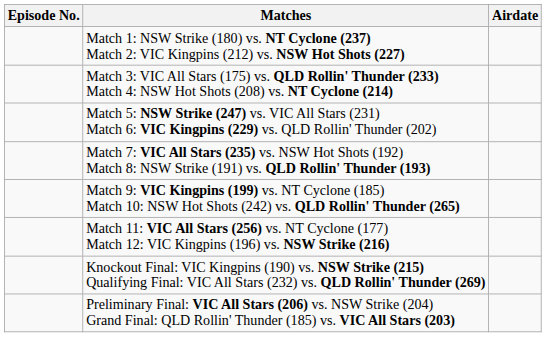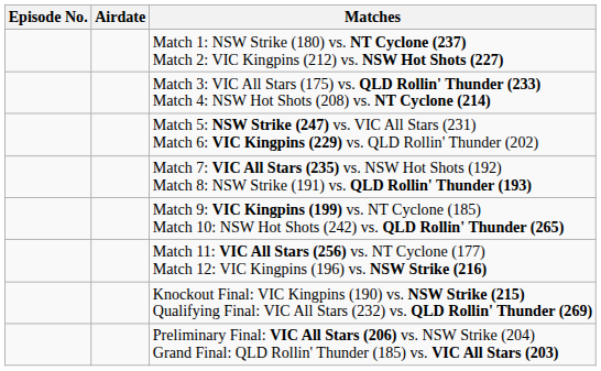 <table class="wikitable">
 <tr>
 <th>Episode No.</th>
+<th>Airdate</th>
 <th>Matches</th>
-<th>Airdate</th>
 </tr>
 <tr>
 <td></td>
+<td></td>
 <td>Match 1: NSW Strike (180) vs. <strong>NT Cyclone (237)</strong><br> Match 2: VIC Kingpins (212) vs. <strong>NSW Hot Shots (227)</strong></td>
-<td></td>
 </tr>
 <tr>
 <td></td>
+<td></td>
 <td>Match 3: VIC All Stars (175) vs. <strong>QLD Rollin' Thunder (233)</strong><br> Match 4: NSW Hot Shots (208) vs. <strong>NT Cyclone (214)</strong></td>
-<td></td>
 </tr>
 <tr>
 <td></td>
+<td></td>
 <td>Match 5: <strong>NSW Strike (247)</strong> vs. VIC All Stars (231)<br> Match 6: <strong>VIC Kingpins (229)</strong> vs. QLD Rollin' Thunder (202)</td>
-<td></td>
 </tr>
 <tr>
 <td></td>
+<td></td>
 <td>Match 7: <strong>VIC All Stars (235)</strong> vs. NSW Hot Shots (192)<br> Match 8: NSW Strike (191) vs. <strong>QLD Rollin' Thunder (193)</strong></td>
-<td></td>
 </tr>
 <tr>
 <td></td>
+<td></td>
 <td>Match 9: <strong>VIC Kingpins (199)</strong> vs. NT Cyclone (185)<br> Match 10: NSW Hot Shots (242) vs. <strong>QLD Rollin' Thunder (265)</strong></td>
-<td></td>
 </tr>
 <tr>
 <td></td>
+<td></td>
 <td>Match 11: <strong>VIC All Stars (256)</strong> vs. NT Cyclone (177)<br> Match 12: VIC Kingpins (196) vs. <strong>NSW Strike (216)</strong></td>
-<td></td>
 </tr>
 <tr>
 <td></td>
+<td></td>
 <td>Knockout Final: VIC Kingpins (190) vs. <strong>NSW Strike (215)</strong><br> Qualifying Final: VIC All Stars (232) vs. <strong>QLD Rollin' Thunder (269)</strong></td>
-<td></td>
 </tr>
 <tr>
 <td></td>
+<td></td>
 <td>Preliminary Final: <strong>VIC All Stars (206)</strong> vs. NSW Strike (204)<br> Grand Final: QLD Rollin' Thunder (185) vs. <strong>VIC All Stars (203)</strong></td>
-<td></td>
 </tr>
 </table>
